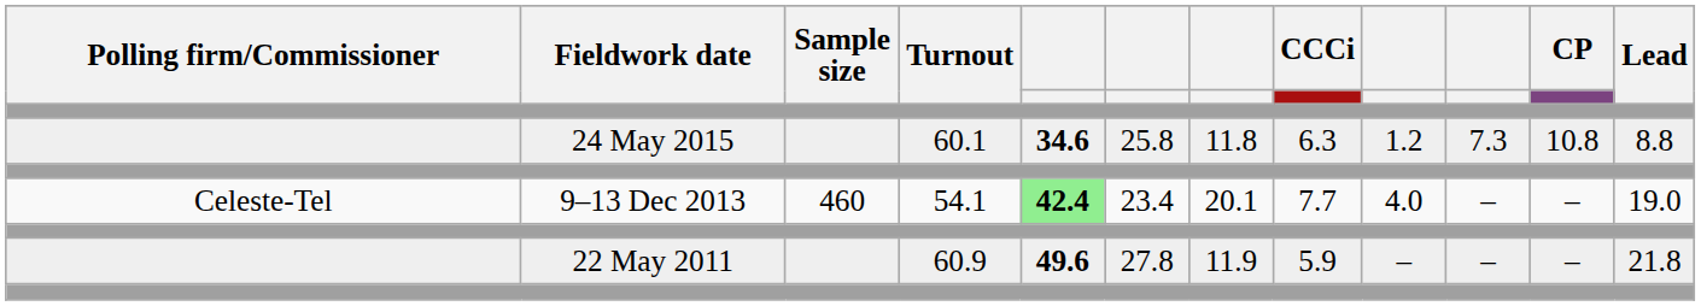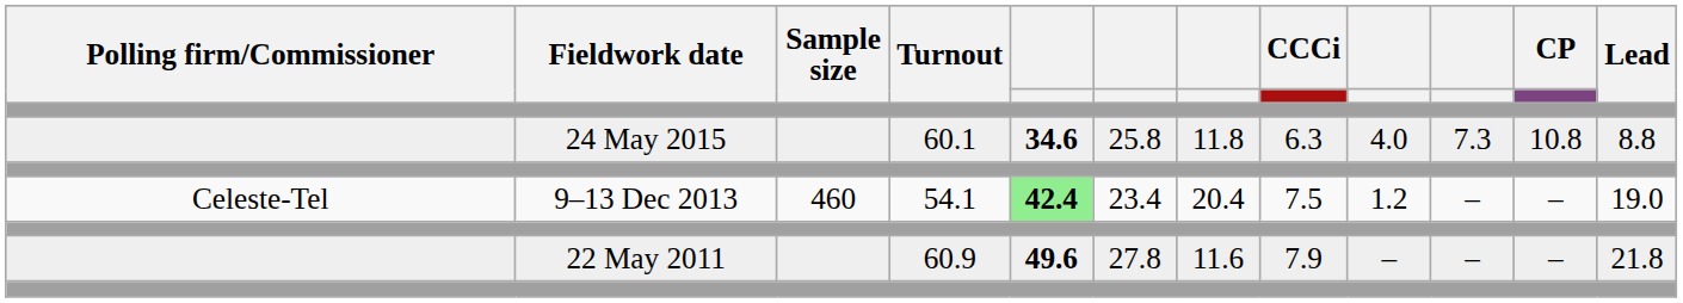 <table class="wikitable collapsible collapsed" style="text-align:center; font-size:95%; line-height:16px;">
 <tr style="height:42px;">
 <th style="width:250px;" rowspan="2">Polling firm/Commissioner</th>
 <th style="width:125px;" rowspan="2">Fieldwork date</th>
 <th style="width:50px;" rowspan="2">Sample size</th>
 <th style="width:45px;" rowspan="2">Turnout</th>
 <th style="width:35px;"></th>
 <th style="width:35px;"></th>
 <th style="width:35px;"></th>
 <th style="width:35px;">CCCi</th>
 <th style="width:35px;"></th>
 <th style="width:35px;"></th>
 <th style="width:35px;">CP</th>
 <th style="width:30px;" rowspan="2">Lead</th>
 </tr>
 <tr>
 <th style="color:inherit;background:"></th>
 <th style="color:inherit;background:"></th>
 <th style="color:inherit;background:"></th>
 <th style="color:inherit;background:#A90F0F;"></th>
 <th style="color:inherit;background:"></th>
 <th style="color:inherit;background:"></th>
 <th style="color:inherit;background:#7B4380;"></th>
 </tr>
 <tr>
 <td colspan="12" style="background:#A0A0A0"></td>
 </tr>
 <tr style="background:#EFEFEF;">
 <td><strong></strong></td>
 <td>24 May 2015</td>
 <td></td>
 <td>60.1</td>
 <td><strong>34.6</strong><br></td>
 <td>25.8<br></td>
 <td>11.8<br></td>
 <td>6.3<br></td>
-<td>1.2<br></td>
+<td>4.0<br></td>
 <td>7.3<br></td>
 <td>10.8<br></td>
 <td style="background:">8.8</td>
 </tr>
 <tr>
 <td colspan="12" style="background:#A0A0A0"></td>
 </tr>
 <tr>
 <td>Celeste-Tel</td>
 <td>9–13 Dec 2013</td>
 <td>460</td>
 <td>54.1</td>
 <td style="background: lightgreen;"><strong>42.4</strong><br></td>
 <td>23.4<br></td>
-<td>20.1<br></td>
-<td>7.7<br></td>
-<td>4.0<br></td>
+<td>20.4<br></td>
+<td>7.5<br></td>
+<td>1.2<br></td>
 <td>–</td>
 <td>–</td>
 <td style="background:">19.0</td>
 </tr>
 <tr>
 <td colspan="12" style="background:#A0A0A0"></td>
 </tr>
 <tr style="background:#EFEFEF;">
 <td><strong></strong></td>
 <td>22 May 2011</td>
 <td></td>
 <td>60.9</td>
 <td><strong>49.6</strong><br></td>
 <td>27.8<br></td>
-<td>11.9<br></td>
-<td>5.9<br></td>
+<td>11.6<br></td>
+<td>7.9<br></td>
 <td>–</td>
 <td>–</td>
 <td>–</td>
 <td style="background:">21.8</td>
 </tr>
 <tr>
 <td colspan="12" style="background:#A0A0A0"></td>
 </tr>
 </table>
